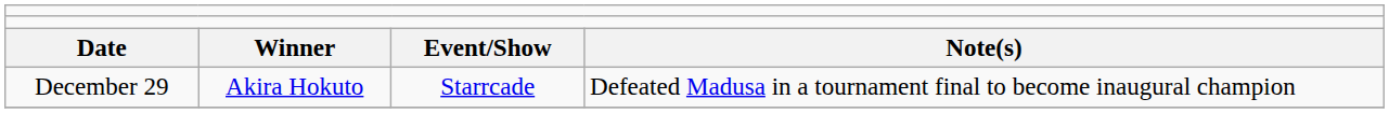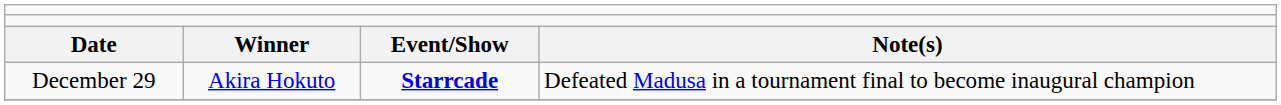 <table class="wikitable" style="text-align:center; width:100%;">
 <tr>
 <td colspan="5"></td>
 </tr>
 <tr>
 <td colspan="5"><strong></strong></td>
 </tr>
 <tr>
 <th width=14%>Date</th>
 <th width=14%>Winner</th>
 <th width=14%>Event/Show</th>
 <th width=58%>Note(s)</th>
 </tr>
 <tr>
 <td>December 29</td>
 <td><a href='#'>Akira Hokuto</a></td>
-<td><a href='#'>Starrcade</a></td>
+<td><strong><a href='#'>Starrcade</a></strong></td>
 <td align=left>Defeated <a href='#'>Madusa</a> in a tournament final to become inaugural champion</td>
 </tr>
 <tr>
 </tr>
 </table>
